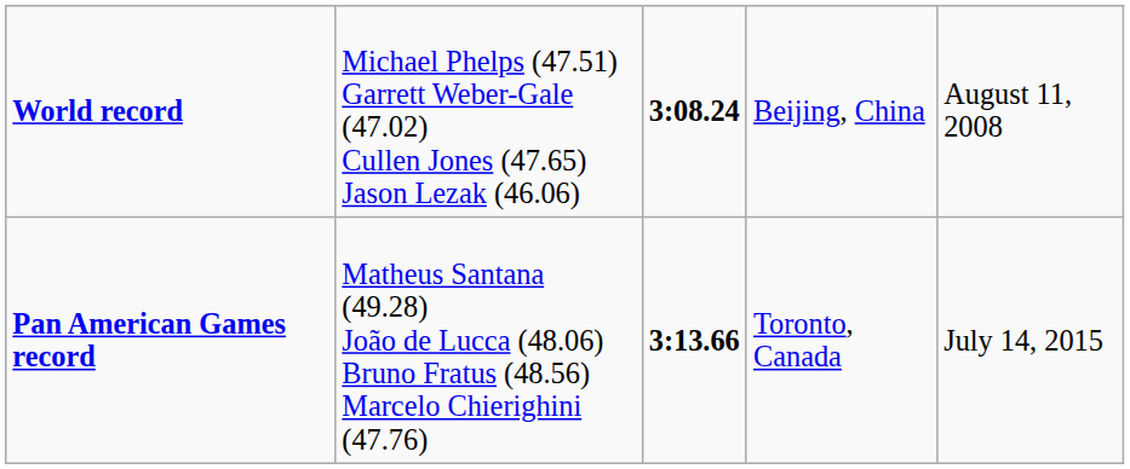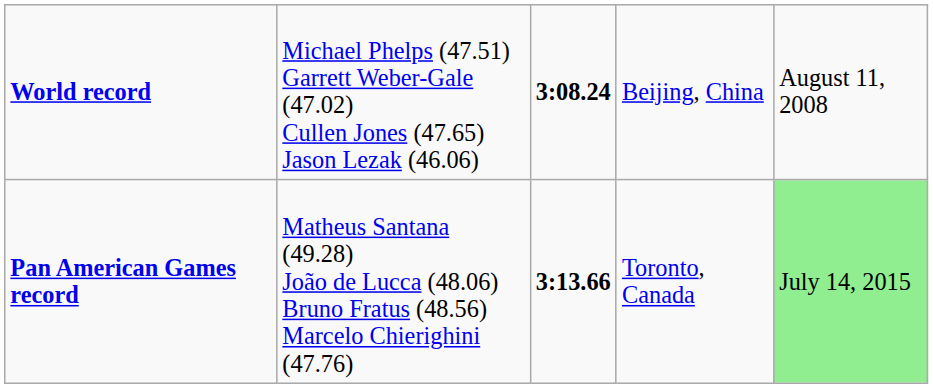 <table class="wikitable">
 <tr>
 <td><strong><a href='#'>World record</a></strong></td>
 <td><br><a href='#'>Michael Phelps</a> (47.51)<br><a href='#'>Garrett Weber-Gale</a> (47.02)<br><a href='#'>Cullen Jones</a> (47.65)<br><a href='#'>Jason Lezak</a> (46.06)</td>
 <td><strong>3:08.24</strong></td>
 <td><a href='#'>Beijing</a>, <a href='#'>China</a></td>
 <td>August 11, 2008</td>
 </tr>
 <tr>
 <td><strong><a href='#'>Pan American Games record</a></strong></td>
 <td><br><a href='#'>Matheus Santana</a> (49.28)<br><a href='#'>João de Lucca</a> (48.06)<br><a href='#'>Bruno Fratus</a> (48.56)<br><a href='#'>Marcelo Chierighini</a> (47.76)</td>
 <td><strong>3:13.66</strong></td>
 <td><a href='#'>Toronto</a>, <a href='#'>Canada</a></td>
-<td>July 14, 2015</td>
+<td style="background: lightgreen;">July 14, 2015</td>
 </tr>
 </table>
